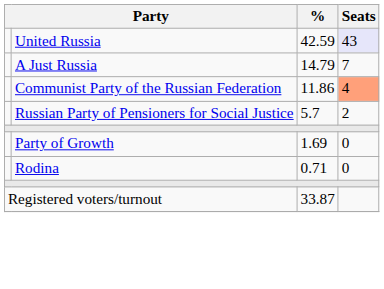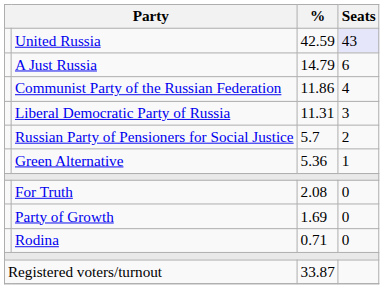 <table class="wikitable">
 <tr>
 <th colspan=2>Party</th>
 <th>%</th>
 <th>Seats</th>
 </tr>
 <tr>
 <td style="background:"></td>
 <td><a href='#'>United Russia</a></td>
 <td>42.59</td>
 <td style="background: lavender;">43</td>
 </tr>
 <tr>
 <td style="background:"></td>
 <td><a href='#'>A Just Russia</a></td>
 <td>14.79</td>
-<td>7</td>
+<td>6</td>
 </tr>
 <tr>
 <td style="background:"></td>
 <td><a href='#'>Communist Party of the Russian Federation</a></td>
 <td>11.86</td>
-<td style="background: lightsalmon;">4</td>
+<td>4</td>
+</tr>
+<tr>
+<td style="background:"></td>
+<td><a href='#'>Liberal Democratic Party of Russia</a></td>
+<td>11.31</td>
+<td>3</td>
 </tr>
 <tr>
 <td style="background:"></td>
 <td><a href='#'>Russian Party of Pensioners for Social Justice</a></td>
 <td>5.7</td>
 <td>2</td>
 </tr>
 <tr>
+<td style="background:"></td>
+<td><a href='#'>Green Alternative</a></td>
+<td>5.36</td>
+<td>1</td>
+</tr>
+<tr>
 <td colspan=4 style="background:#E9E9E9;"></td>
+</tr>
+<tr>
+<td style="background:"></td>
+<td><a href='#'>For Truth</a></td>
+<td>2.08</td>
+<td>0</td>
 </tr>
 <tr>
 <td style="background:"></td>
 <td><a href='#'>Party of Growth</a></td>
 <td>1.69</td>
 <td>0</td>
 </tr>
 <tr>
 <td style="background:"></td>
 <td><a href='#'>Rodina</a></td>
 <td>0.71</td>
 <td>0</td>
 </tr>
 <tr>
 <td colspan=4 style="background:#E9E9E9;"></td>
 </tr>
 <tr>
 <td align=left colspan=2>Registered voters/turnout</td>
 <td>33.87</td>
 <td></td>
 </tr>
 <tr>
 </tr>
 </table>
